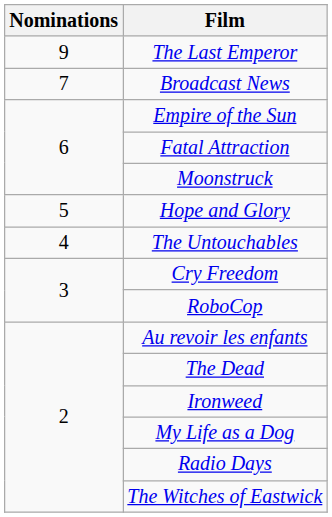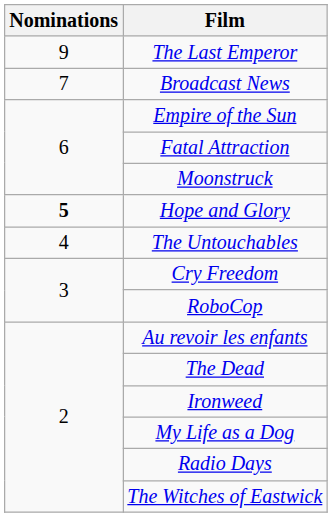 <table class="wikitable sortable" style="text-align: center;">
 <tr>
 <th scope="col" width="55">Nominations</th>
 <th scope="col" align="center">Film</th>
 </tr>
 <tr>
 <td style="text-align: center;">9</td>
 <td><em><a href='#'>The Last Emperor</a></em></td>
 </tr>
 <tr>
 <td style="text-align: center;">7</td>
 <td><em><a href='#'>Broadcast News</a></em></td>
 </tr>
 <tr>
 <td rowspan="3" style="text-align:center">6</td>
 <td><em><a href='#'>Empire of the Sun</a></em></td>
 </tr>
 <tr>
 <td><em><a href='#'>Fatal Attraction</a></em></td>
 </tr>
 <tr>
 <td><em><a href='#'>Moonstruck</a></em></td>
 </tr>
 <tr>
-<td style="text-align: center;">5</td>
+<td style="text-align: center;"><strong>5</strong></td>
 <td><em><a href='#'>Hope and Glory</a></em></td>
 </tr>
 <tr>
 <td style="text-align:center">4</td>
 <td><em><a href='#'>The Untouchables</a></em></td>
 </tr>
 <tr>
 <td rowspan="2" style="text-align:center">3</td>
 <td><em><a href='#'>Cry Freedom</a></em></td>
 </tr>
 <tr>
 <td><em><a href='#'>RoboCop</a></em></td>
 </tr>
 <tr>
 <td rowspan="6" style="text-align:center">2</td>
 <td><em><a href='#'>Au revoir les enfants</a></em></td>
 </tr>
 <tr>
 <td><em><a href='#'>The Dead</a></em></td>
 </tr>
 <tr>
 <td><em><a href='#'>Ironweed</a></em></td>
 </tr>
 <tr>
 <td><em><a href='#'>My Life as a Dog</a></em></td>
 </tr>
 <tr>
 <td><em><a href='#'>Radio Days</a></em></td>
 </tr>
 <tr>
 <td><em><a href='#'>The Witches of Eastwick</a></em></td>
 </tr>
 </table>
